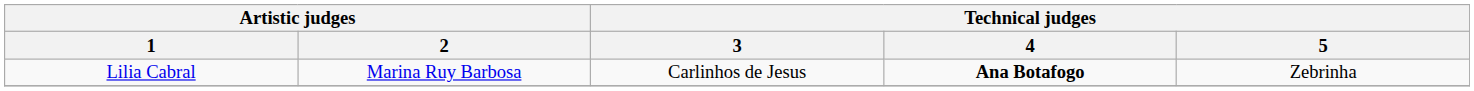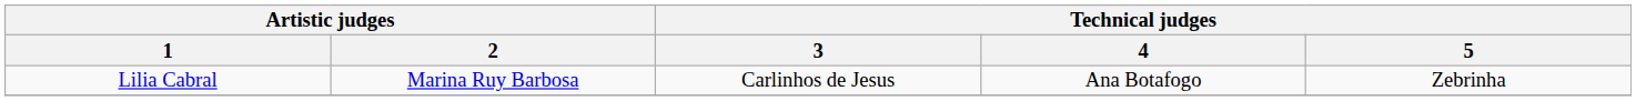 <table class="wikitable" style="font-size:100%; line-height:16px; text-align:center" width="100%">
 <tr>
 <th colspan=2>Artistic judges</th>
 <th colspan=3>Technical judges</th>
 </tr>
 <tr>
 <th width="20.0%">1</th>
 <th width="20.0%">2</th>
 <th width="20.0%">3</th>
 <th width="20.0%">4</th>
 <th width="20.0%">5</th>
 </tr>
 <tr>
 <td><a href='#'>Lilia Cabral</a></td>
 <td><a href='#'>Marina Ruy Barbosa</a></td>
 <td>Carlinhos de Jesus</td>
-<td><strong>Ana Botafogo</strong></td>
+<td>Ana Botafogo</td>
 <td>Zebrinha</td>
 </tr>
 <tr>
 </tr>
 </table>
